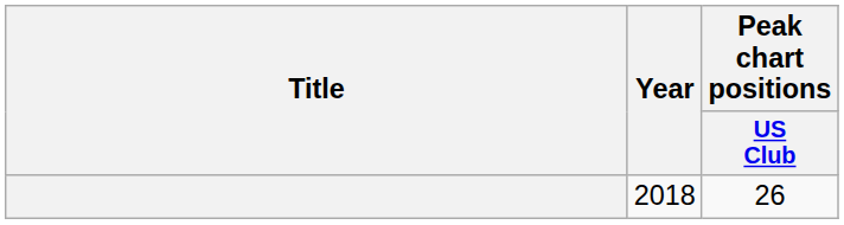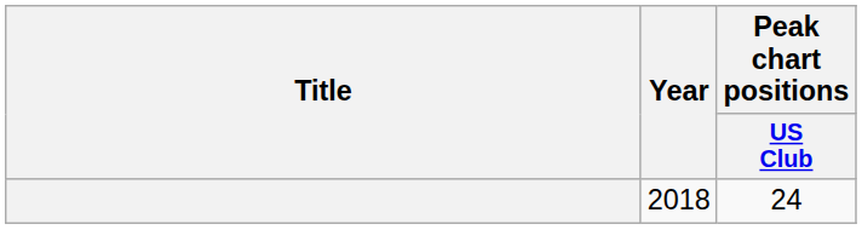 <table class="wikitable plainrowheaders" style="text-align:center;">
 <tr>
 <th rowspan="2" scope="col" style="width:22em;">Title</th>
 <th rowspan="2" scope="col" style="width:1em;">Year</th>
 <th scope="col">Peak chart positions</th>
 </tr>
 <tr>
 <th scope="col" style="width:3em;font-size:85%;"><a href='#'>US</a><br><a href='#'>Club</a></th>
 </tr>
 <tr>
 <th scope="row"></th>
 <td>2018</td>
-<td>26<br></td>
+<td>24<br></td>
 </tr>
 </table>
